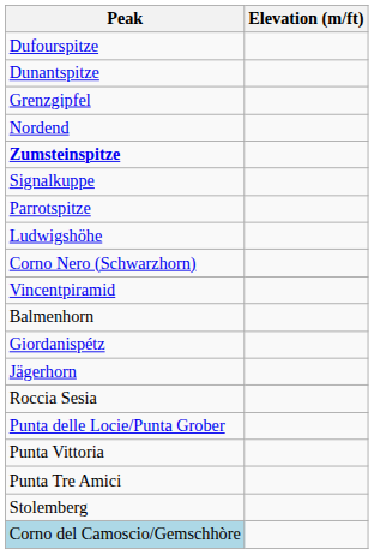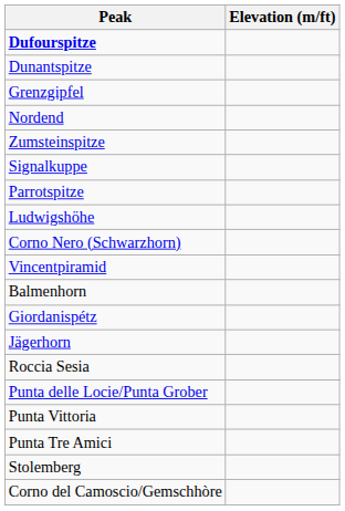 <table class="wikitable sortable">
 <tr>
 <th>Peak</th>
 <th colspan=2>Elevation (m/ft)</th>
 </tr>
 <tr>
-<td><a href='#'>Dufourspitze</a></td>
+<td><strong><a href='#'>Dufourspitze</a></strong></td>
 <td></td>
 </tr>
 <tr>
 <td><a href='#'>Dunantspitze</a></td>
 <td></td>
 </tr>
 <tr>
 <td><a href='#'>Grenzgipfel</a></td>
 <td></td>
 </tr>
 <tr>
 <td><a href='#'>Nordend</a></td>
 <td></td>
 </tr>
 <tr>
-<td><strong><a href='#'>Zumsteinspitze</a></strong></td>
+<td><a href='#'>Zumsteinspitze</a></td>
 <td></td>
 </tr>
 <tr>
 <td><a href='#'>Signalkuppe</a></td>
 <td></td>
 </tr>
 <tr>
 <td><a href='#'>Parrotspitze</a></td>
 <td></td>
 </tr>
 <tr>
 <td><a href='#'>Ludwigshöhe</a></td>
 <td></td>
 </tr>
 <tr>
 <td><a href='#'>Corno Nero (Schwarzhorn)</a></td>
 <td></td>
 </tr>
 <tr>
 <td><a href='#'>Vincentpiramid</a></td>
 <td></td>
 </tr>
 <tr>
 <td>Balmenhorn</td>
 <td></td>
 </tr>
 <tr>
 <td><a href='#'>Giordanispétz</a></td>
 <td></td>
 </tr>
 <tr>
 <td><a href='#'>Jägerhorn</a></td>
 <td></td>
 </tr>
 <tr>
 <td>Roccia Sesia</td>
 <td></td>
 </tr>
 <tr>
 <td><a href='#'>Punta delle Locie/Punta Grober</a></td>
 <td></td>
 </tr>
 <tr>
 <td>Punta Vittoria</td>
 <td></td>
 </tr>
 <tr>
 <td>Punta Tre Amici</td>
 <td></td>
 </tr>
 <tr>
 <td>Stolemberg</td>
 <td></td>
 </tr>
 <tr>
-<td style="background: lightblue;">Corno del Camoscio/Gemschhòre</td>
+<td>Corno del Camoscio/Gemschhòre</td>
 <td></td>
 </tr>
 </table>
